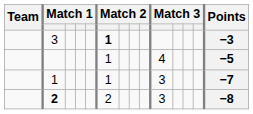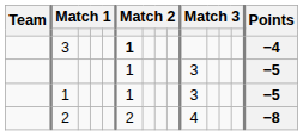 <table class="wikitable sortable" style="text-align:center;">
 <tr>
 <th rowspan=2>Team</th>
 <th colspan=4 style="border-left:3px solid gray">Match 1</th>
 <th colspan=4 style="border-left:3px solid gray">Match 2</th>
 <th colspan=4 style="border-left:3px solid gray">Match 3</th>
 <th rowspan=2 style="border-left:3px solid gray">Points</th>
 </tr>
 <tr>
 <th style="border-left:3px solid gray"></th>
 <th></th>
 <th></th>
 <th></th>
 <th style="border-left:3px solid gray"></th>
 <th></th>
 <th></th>
 <th></th>
 <th style="border-left:3px solid gray"></th>
 <th></th>
 <th></th>
 <th></th>
 </tr>
 <tr>
 <td align=left></td>
 <td style="border-left:3px solid gray">3</td>
 <td></td>
 <td></td>
 <td></td>
 <td style="border-left:3px solid gray"><strong>1</strong></td>
 <td></td>
 <td></td>
 <td></td>
 <td style="border-left:3px solid gray"></td>
 <td></td>
 <td></td>
 <td></td>
-<th style="border-left:3px solid gray">−3</th>
+<th style="border-left:3px solid gray">−4</th>
 </tr>
 <tr>
 <td align=left></td>
 <td style="border-left:3px solid gray"></td>
 <td></td>
 <td></td>
 <td></td>
 <td style="border-left:3px solid gray">1</td>
 <td></td>
 <td></td>
 <td></td>
-<td style="border-left:3px solid gray">4</td>
+<td style="border-left:3px solid gray">3</td>
 <td></td>
 <td></td>
 <td></td>
 <th style="border-left:3px solid gray">−5</th>
 </tr>
 <tr>
 <td align=left></td>
 <td style="border-left:3px solid gray">1</td>
 <td></td>
 <td></td>
 <td></td>
 <td style="border-left:3px solid gray">1</td>
 <td></td>
 <td></td>
 <td></td>
 <td style="border-left:3px solid gray">3</td>
 <td></td>
 <td></td>
 <td></td>
-<th style="border-left:3px solid gray">−7</th>
+<th style="border-left:3px solid gray">−5</th>
 </tr>
 <tr>
 <td align=left></td>
-<td style="border-left:3px solid gray"><strong>2</strong></td>
+<td style="border-left:3px solid gray">2</td>
 <td></td>
 <td></td>
 <td></td>
 <td style="border-left:3px solid gray">2</td>
 <td></td>
 <td></td>
 <td></td>
-<td style="border-left:3px solid gray">3</td>
+<td style="border-left:3px solid gray">4</td>
 <td></td>
 <td></td>
 <td></td>
 <th style="border-left:3px solid gray">−8</th>
 </tr>
 </table>
